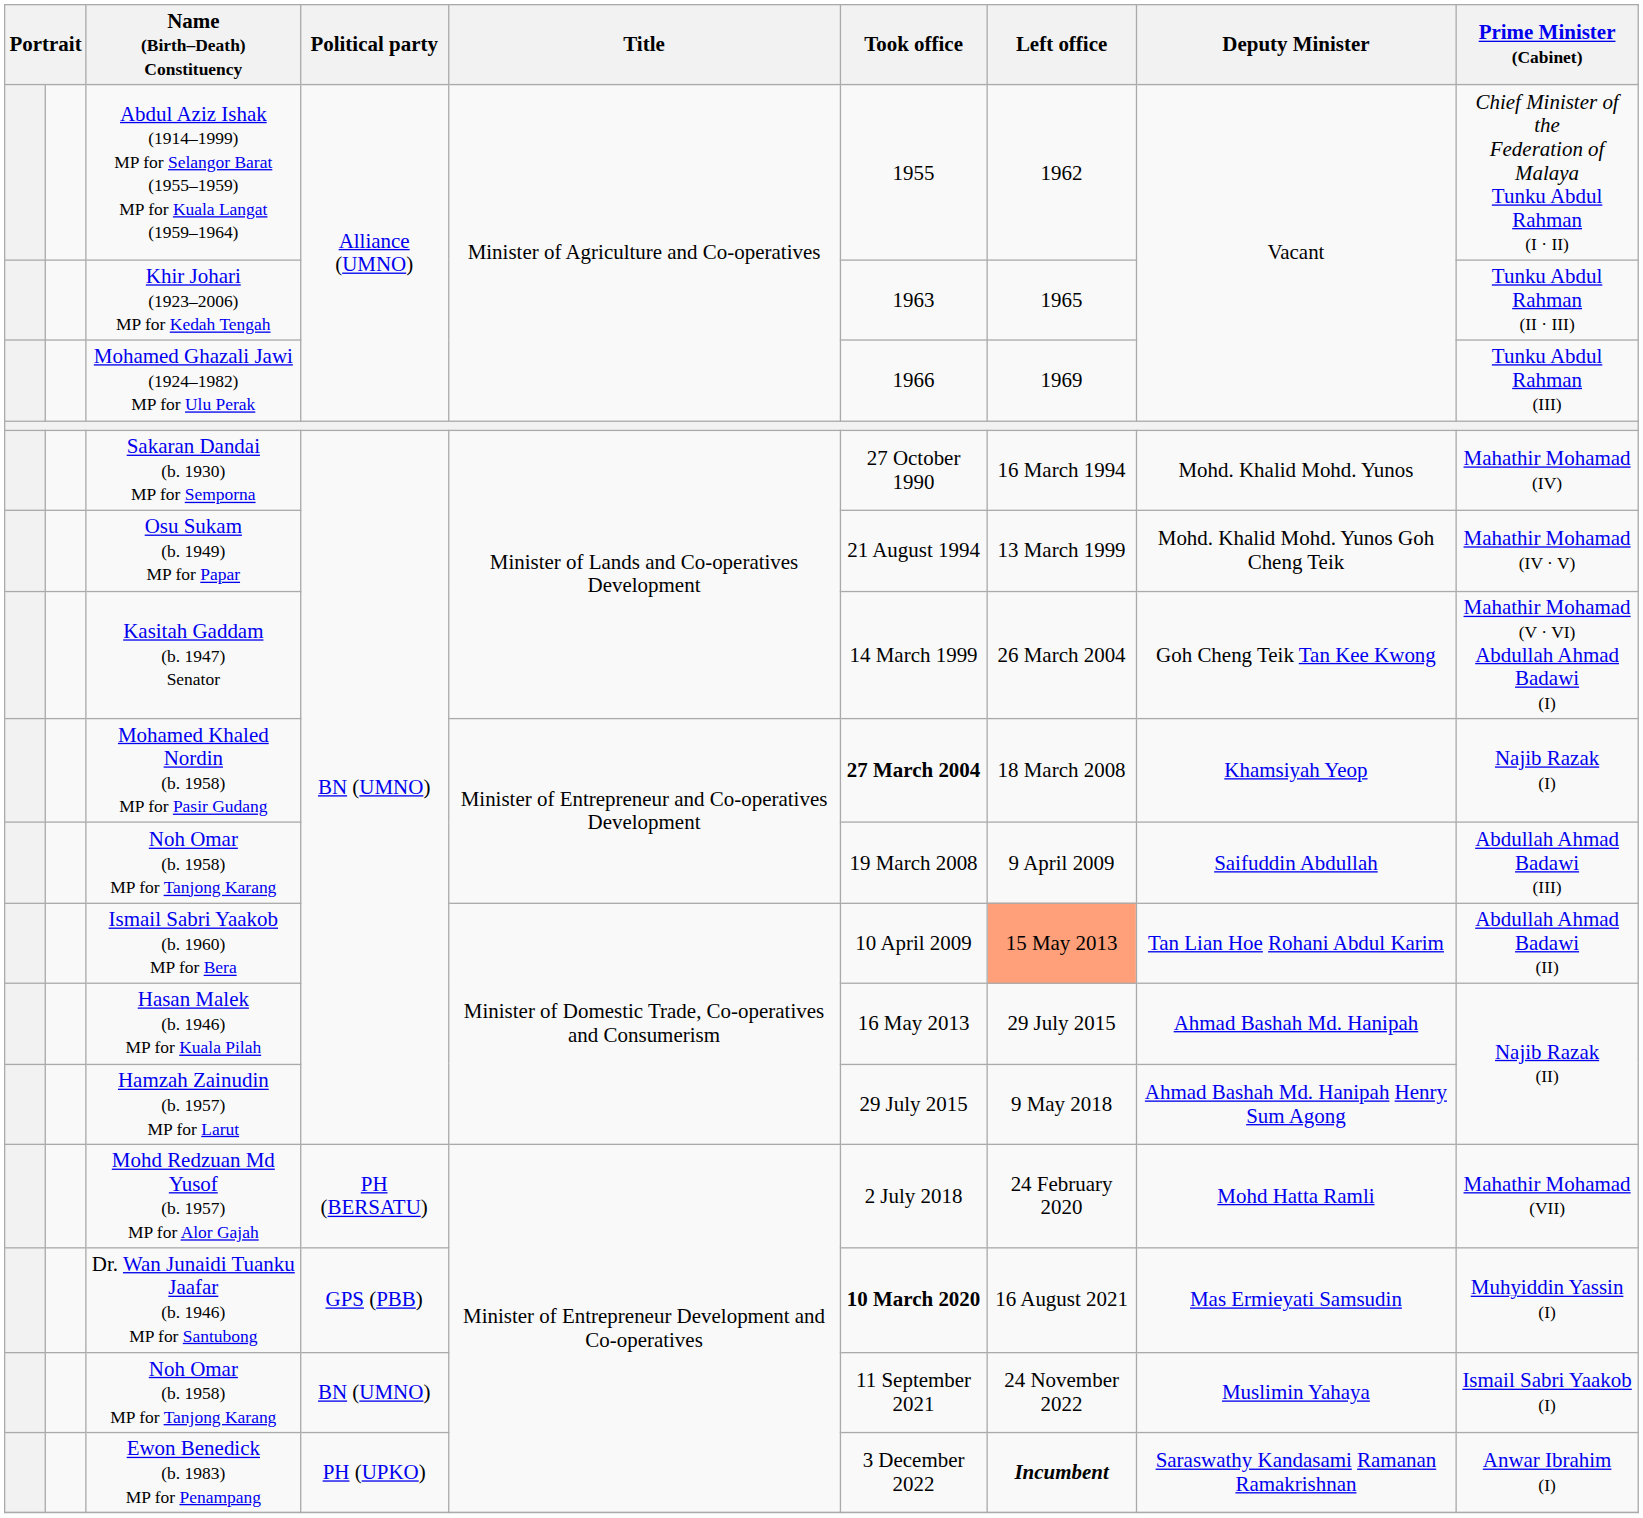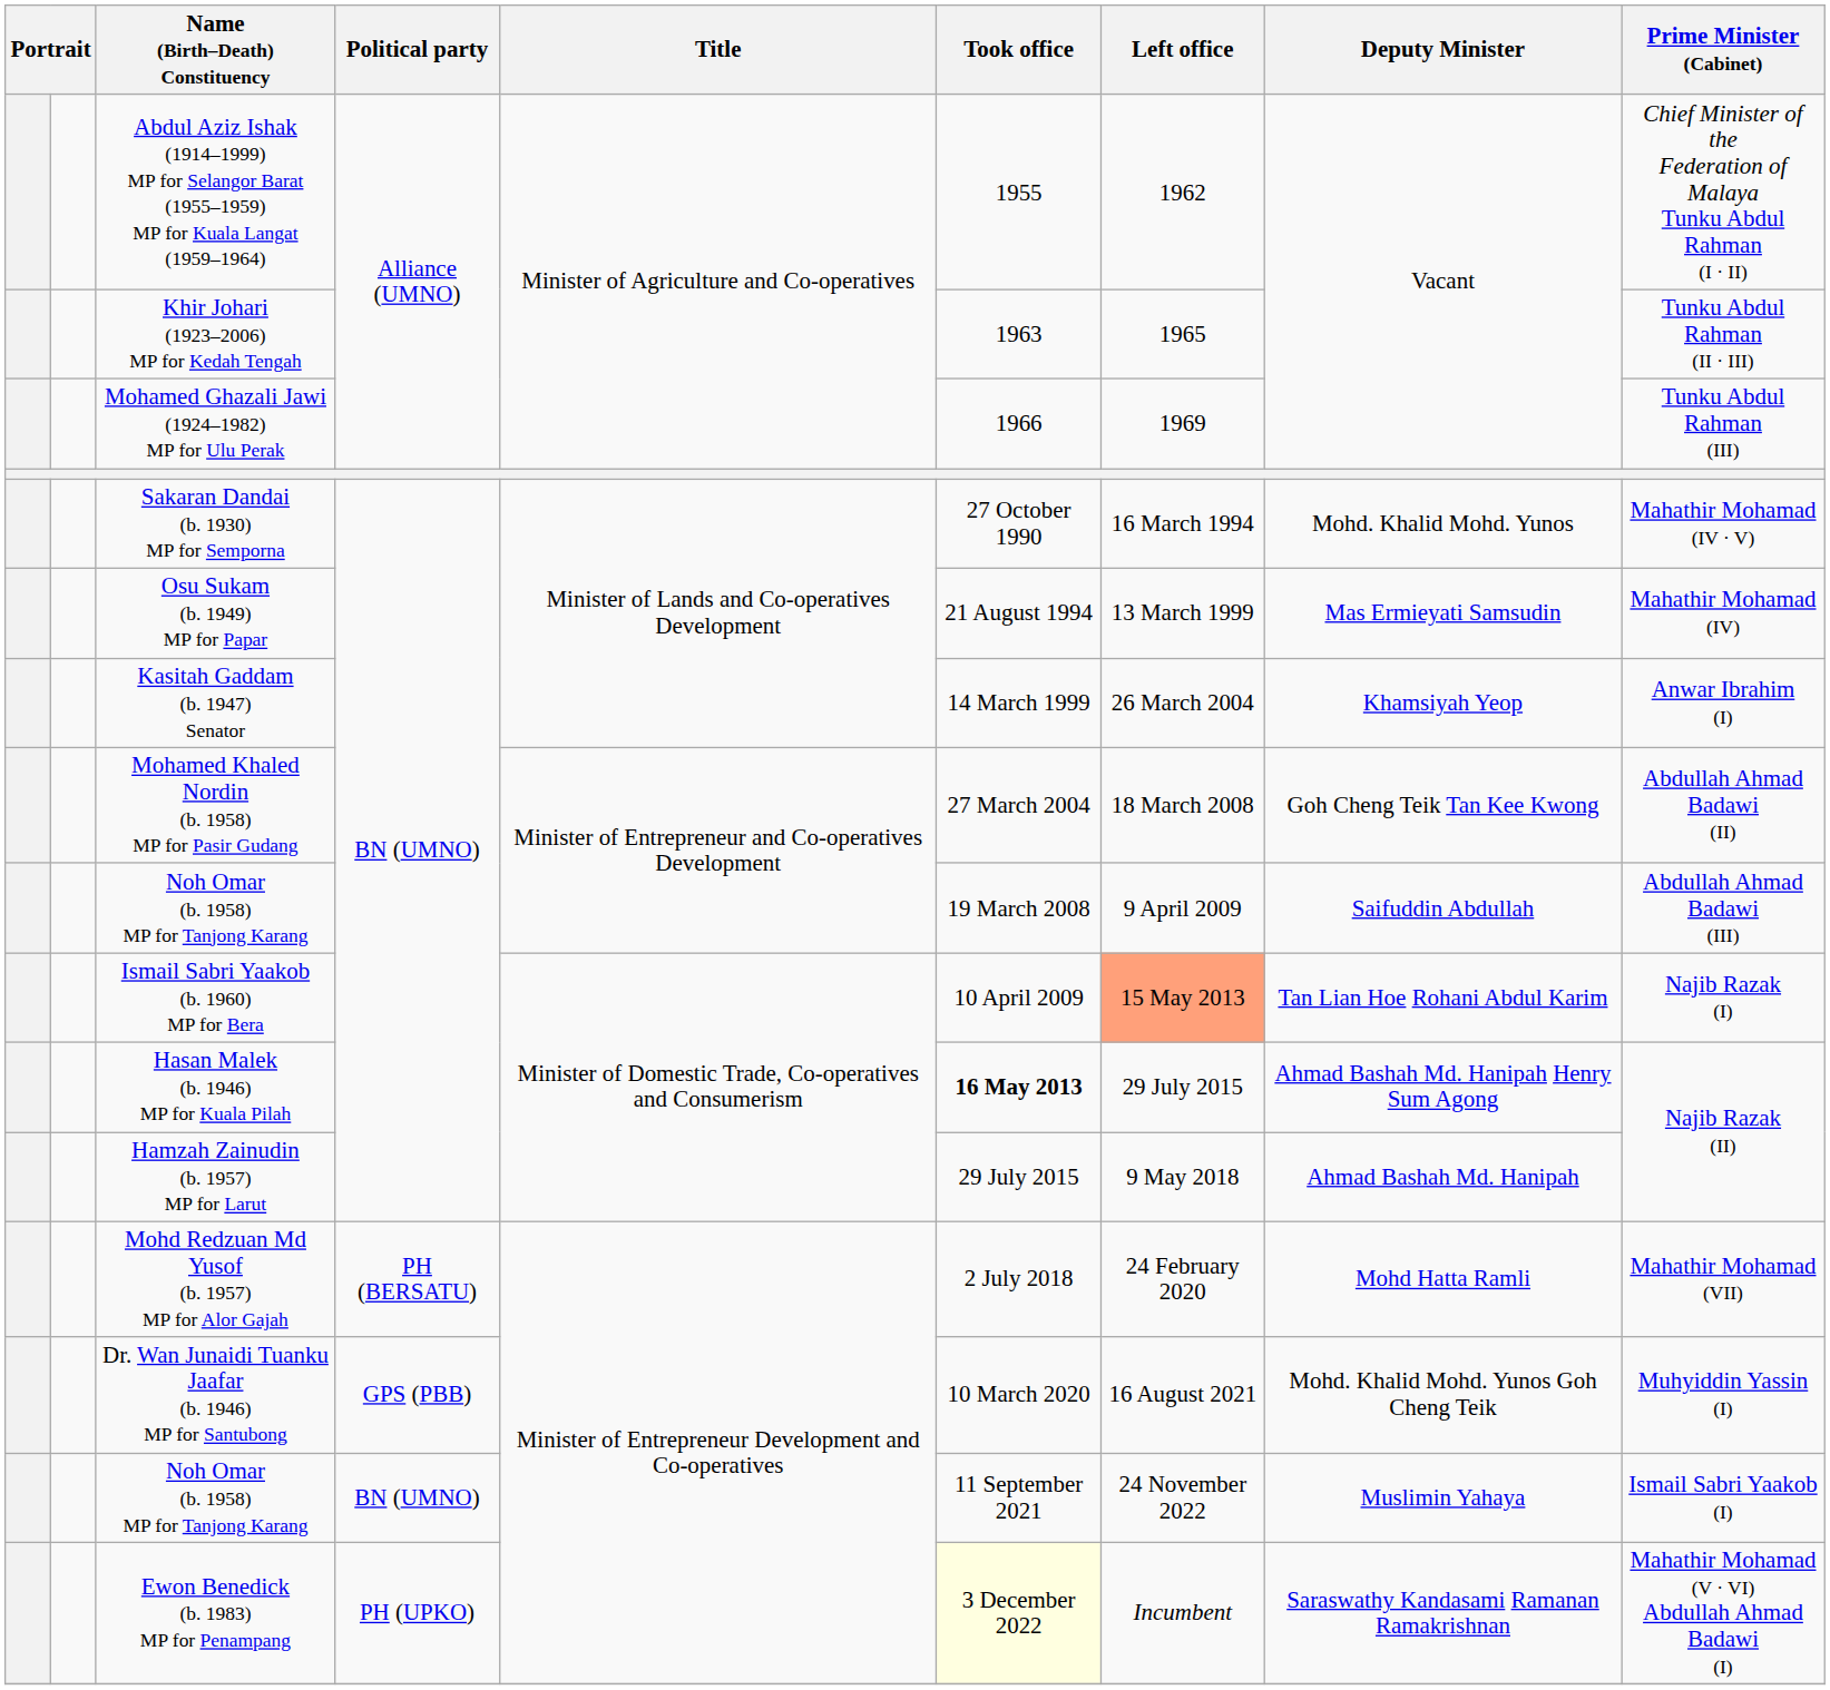 <table class="wikitable" style="text-align:center;">
 <tr>
 <th colspan=2>Portrait</th>
 <th>Name<br><small>(Birth–Death)<br>Constituency</small></th>
 <th>Political party</th>
 <th>Title</th>
 <th>Took office</th>
 <th>Left office</th>
 <th>Deputy Minister</th>
 <th><a href='#'>Prime Minister</a><br><small>(Cabinet)</small></th>
 </tr>
 <tr>
 <th style="background:"></th>
 <td></td>
 <td><a href='#'>Abdul Aziz Ishak</a><br><small>(1914–1999)<br>MP for <a href='#'>Selangor Barat</a><br>(1955–1959)<br>MP for <a href='#'>Kuala Langat</a><br>(1959–1964)</small></td>
 <td rowspan=3><a href='#'>Alliance</a> (<a href='#'>UMNO</a>)</td>
 <td rowspan=3>Minister of Agriculture and Co-operatives</td>
 <td>1955</td>
 <td>1962</td>
 <td rowspan="3">Vacant</td>
 <td><em>Chief Minister of the <br>Federation of Malaya</em><br><a href='#'>Tunku Abdul Rahman</a><br><small>(I · II)</small></td>
 </tr>
 <tr>
 <th style="background:"></th>
 <td></td>
 <td><a href='#'>Khir Johari</a><br><small>(1923–2006)<br>MP for <a href='#'>Kedah Tengah</a></small></td>
 <td>1963</td>
 <td>1965</td>
 <td><a href='#'>Tunku Abdul Rahman</a><br><small>(II · III)</small></td>
 </tr>
 <tr>
 <th style="background:"></th>
 <td></td>
 <td><a href='#'>Mohamed Ghazali Jawi</a><br><small>(1924–1982)<br>MP for <a href='#'>Ulu Perak</a></small></td>
 <td>1966</td>
 <td>1969</td>
 <td><a href='#'>Tunku Abdul Rahman</a><br><small>(III)</small></td>
 </tr>
 <tr>
 <th colspan="9" bgcolor="cccccc"></th>
 </tr>
 <tr>
 <th style="background:"></th>
 <td></td>
 <td><a href='#'>Sakaran Dandai</a><br><small>(b. 1930)<br>MP for <a href='#'>Semporna</a></small></td>
 <td rowspan=8><a href='#'>BN</a> (<a href='#'>UMNO</a>)</td>
 <td rowspan=3>Minister of Lands and Co-operatives Development</td>
 <td>27 October 1990</td>
 <td>16 March 1994</td>
 <td>Mohd. Khalid Mohd. Yunos</td>
-<td><a href='#'>Mahathir Mohamad</a><br><small>(IV)</small></td>
+<td><a href='#'>Mahathir Mohamad</a><br><small>(IV · V)</small></td>
 </tr>
 <tr>
 <th style="background:"></th>
 <td></td>
 <td><a href='#'>Osu Sukam</a><br><small>(b. 1949)<br>MP for <a href='#'>Papar</a></small></td>
 <td>21 August 1994</td>
 <td>13 March 1999</td>
-<td>Mohd. Khalid Mohd. Yunos Goh Cheng Teik </td>
-<td><a href='#'>Mahathir Mohamad</a><br><small>(IV · V)</small></td>
+<td><a href='#'>Mas Ermieyati Samsudin</a></td>
+<td><a href='#'>Mahathir Mohamad</a><br><small>(IV)</small></td>
 </tr>
 <tr>
 <th style="background:"></th>
 <td></td>
 <td><a href='#'>Kasitah Gaddam</a><br><small>(b. 1947)<br>Senator</small></td>
 <td>14 March 1999</td>
 <td>26 March 2004</td>
-<td>Goh Cheng Teik  <a href='#'>Tan Kee Kwong</a> </td>
-<td><a href='#'>Mahathir Mohamad</a><br><small>(V · VI)</small><br><a href='#'>Abdullah Ahmad Badawi</a><br><small>(I)</small></td>
+<td><a href='#'>Khamsiyah Yeop</a></td>
+<td><a href='#'>Anwar Ibrahim</a><br><small>(I)</small></td>
 </tr>
 <tr>
 <th style="background:"></th>
 <td></td>
 <td><a href='#'>Mohamed Khaled Nordin</a><br><small>(b. 1958)<br>MP for <a href='#'>Pasir Gudang</a></small></td>
 <td rowspan=2>Minister of Entrepreneur and Co-operatives Development</td>
-<td><strong>27 March 2004</strong></td>
+<td>27 March 2004</td>
 <td>18 March 2008</td>
-<td><a href='#'>Khamsiyah Yeop</a></td>
-<td><a href='#'>Najib Razak</a><br><small>(I)</small></td>
+<td>Goh Cheng Teik  <a href='#'>Tan Kee Kwong</a> </td>
+<td><a href='#'>Abdullah Ahmad Badawi</a><br><small>(II)</small></td>
 </tr>
 <tr>
 <th style="background:"></th>
 <td></td>
 <td><a href='#'>Noh Omar</a><br><small>(b. 1958)<br>MP for <a href='#'>Tanjong Karang</a></small></td>
 <td>19 March 2008</td>
 <td>9 April 2009</td>
 <td><a href='#'>Saifuddin Abdullah</a></td>
 <td><a href='#'>Abdullah Ahmad Badawi</a><br><small>(III)</small></td>
 </tr>
 <tr>
 <th style="background:"></th>
 <td></td>
 <td><a href='#'>Ismail Sabri Yaakob</a><br><small>(b. 1960)<br>MP for <a href='#'>Bera</a></small></td>
 <td rowspan=3>Minister of Domestic Trade, Co-operatives and Consumerism</td>
 <td>10 April 2009</td>
 <td style="background: lightsalmon;">15 May 2013</td>
 <td><a href='#'>Tan Lian Hoe</a> <a href='#'>Rohani Abdul Karim</a> </td>
-<td><a href='#'>Abdullah Ahmad Badawi</a><br><small>(II)</small></td>
+<td><a href='#'>Najib Razak</a><br><small>(I)</small></td>
 </tr>
 <tr>
 <th style="background:"></th>
 <td></td>
 <td><a href='#'>Hasan Malek</a><br><small>(b. 1946)<br>MP for <a href='#'>Kuala Pilah</a></small></td>
-<td>16 May 2013</td>
+<td><strong>16 May 2013</strong></td>
 <td>29 July 2015</td>
-<td><a href='#'>Ahmad Bashah Md. Hanipah</a></td>
+<td><a href='#'>Ahmad Bashah Md. Hanipah</a> <a href='#'>Henry Sum Agong</a> </td>
 <td rowspan="2"><a href='#'>Najib Razak</a><br><small>(II)</small></td>
 </tr>
 <tr>
 <th style="background:"></th>
 <td></td>
 <td><a href='#'>Hamzah Zainudin</a><br><small>(b. 1957)<br>MP for <a href='#'>Larut</a></small></td>
 <td>29 July 2015</td>
 <td>9 May 2018</td>
-<td><a href='#'>Ahmad Bashah Md. Hanipah</a> <a href='#'>Henry Sum Agong</a> </td>
+<td><a href='#'>Ahmad Bashah Md. Hanipah</a></td>
 </tr>
 <tr>
 <th style="background:"></th>
 <td></td>
 <td><a href='#'>Mohd Redzuan Md Yusof</a><br><small>(b. 1957)<br>MP for <a href='#'>Alor Gajah</a></small></td>
 <td><a href='#'>PH</a> (<a href='#'>BERSATU</a>)</td>
 <td rowspan=4>Minister of Entrepreneur Development and Co-operatives</td>
 <td>2 July 2018</td>
 <td>24 February 2020</td>
 <td><a href='#'>Mohd Hatta Ramli</a></td>
 <td><a href='#'>Mahathir Mohamad</a><br><small>(VII)</small></td>
 </tr>
 <tr>
 <th style="background:"></th>
 <td></td>
 <td>Dr. <a href='#'>Wan Junaidi Tuanku Jaafar</a><br><small>(b. 1946)<br>MP for <a href='#'>Santubong</a></small></td>
 <td><a href='#'>GPS</a> (<a href='#'>PBB</a>)</td>
-<td><strong>10 March 2020</strong></td>
+<td>10 March 2020</td>
 <td>16 August 2021</td>
-<td><a href='#'>Mas Ermieyati Samsudin</a></td>
+<td>Mohd. Khalid Mohd. Yunos Goh Cheng Teik </td>
 <td><a href='#'>Muhyiddin Yassin</a><br><small>(I)</small></td>
 </tr>
 <tr>
 <th style="background:"></th>
 <td></td>
 <td><a href='#'>Noh Omar</a><br><small>(b. 1958)<br>MP for <a href='#'>Tanjong Karang</a></small></td>
 <td><a href='#'>BN</a> (<a href='#'>UMNO</a>)</td>
 <td>11 September 2021</td>
 <td>24 November 2022</td>
 <td><a href='#'>Muslimin Yahaya</a></td>
 <td><a href='#'>Ismail Sabri Yaakob</a><br><small>(I)</small></td>
 </tr>
 <tr>
 <th style="background:"></th>
 <td></td>
 <td><a href='#'>Ewon Benedick</a><br><small>(b. 1983)<br>MP for <a href='#'>Penampang</a></small></td>
 <td><a href='#'>PH</a> (<a href='#'>UPKO</a>)</td>
-<td>3 December 2022</td>
-<td><strong><em>Incumbent</em></strong></td>
+<td style="background: lightyellow;">3 December 2022</td>
+<td><em>Incumbent</em></td>
 <td><a href='#'>Saraswathy Kandasami</a>  <a href='#'>Ramanan Ramakrishnan</a> </td>
-<td><a href='#'>Anwar Ibrahim</a><br><small>(I)</small></td>
+<td><a href='#'>Mahathir Mohamad</a><br><small>(V · VI)</small><br><a href='#'>Abdullah Ahmad Badawi</a><br><small>(I)</small></td>
 </tr>
 <tr>
 </tr>
 </table>
